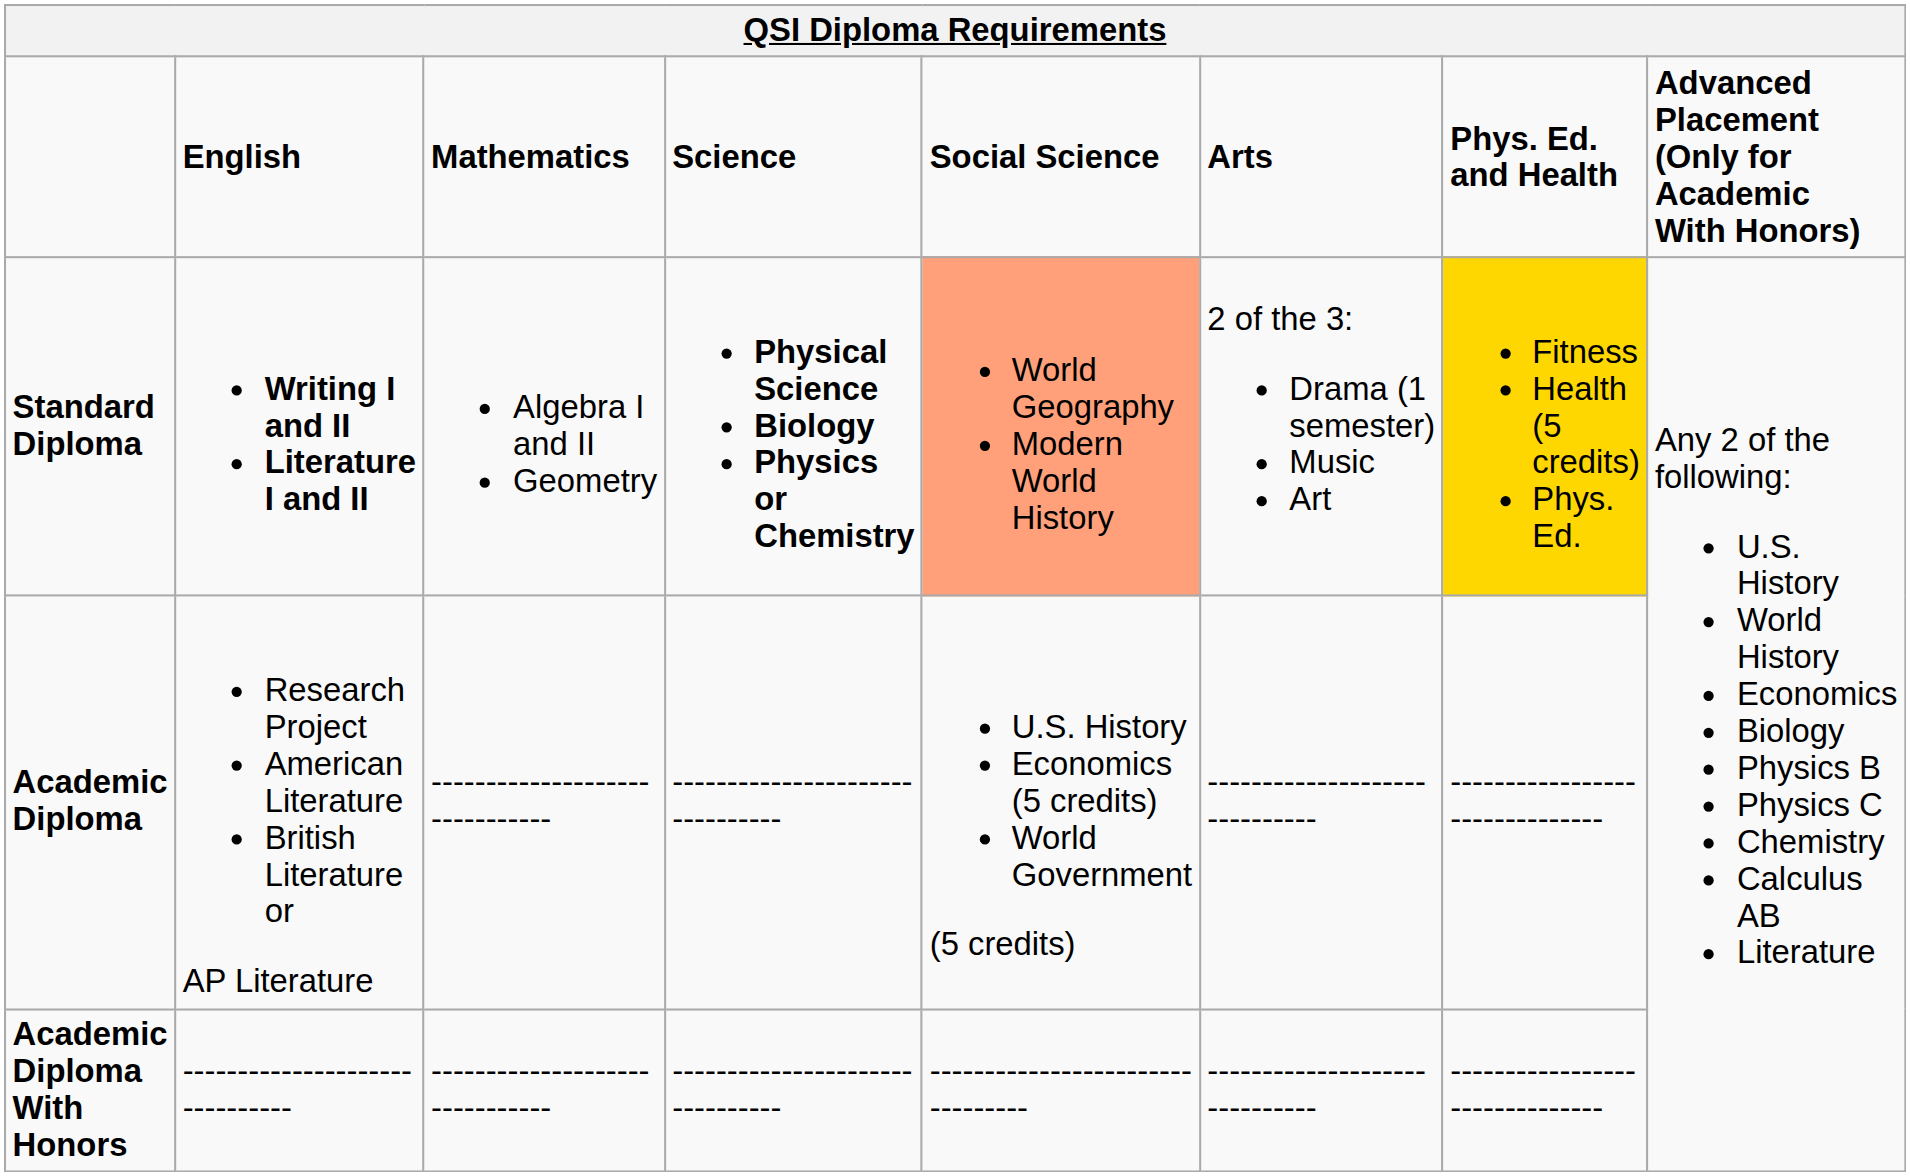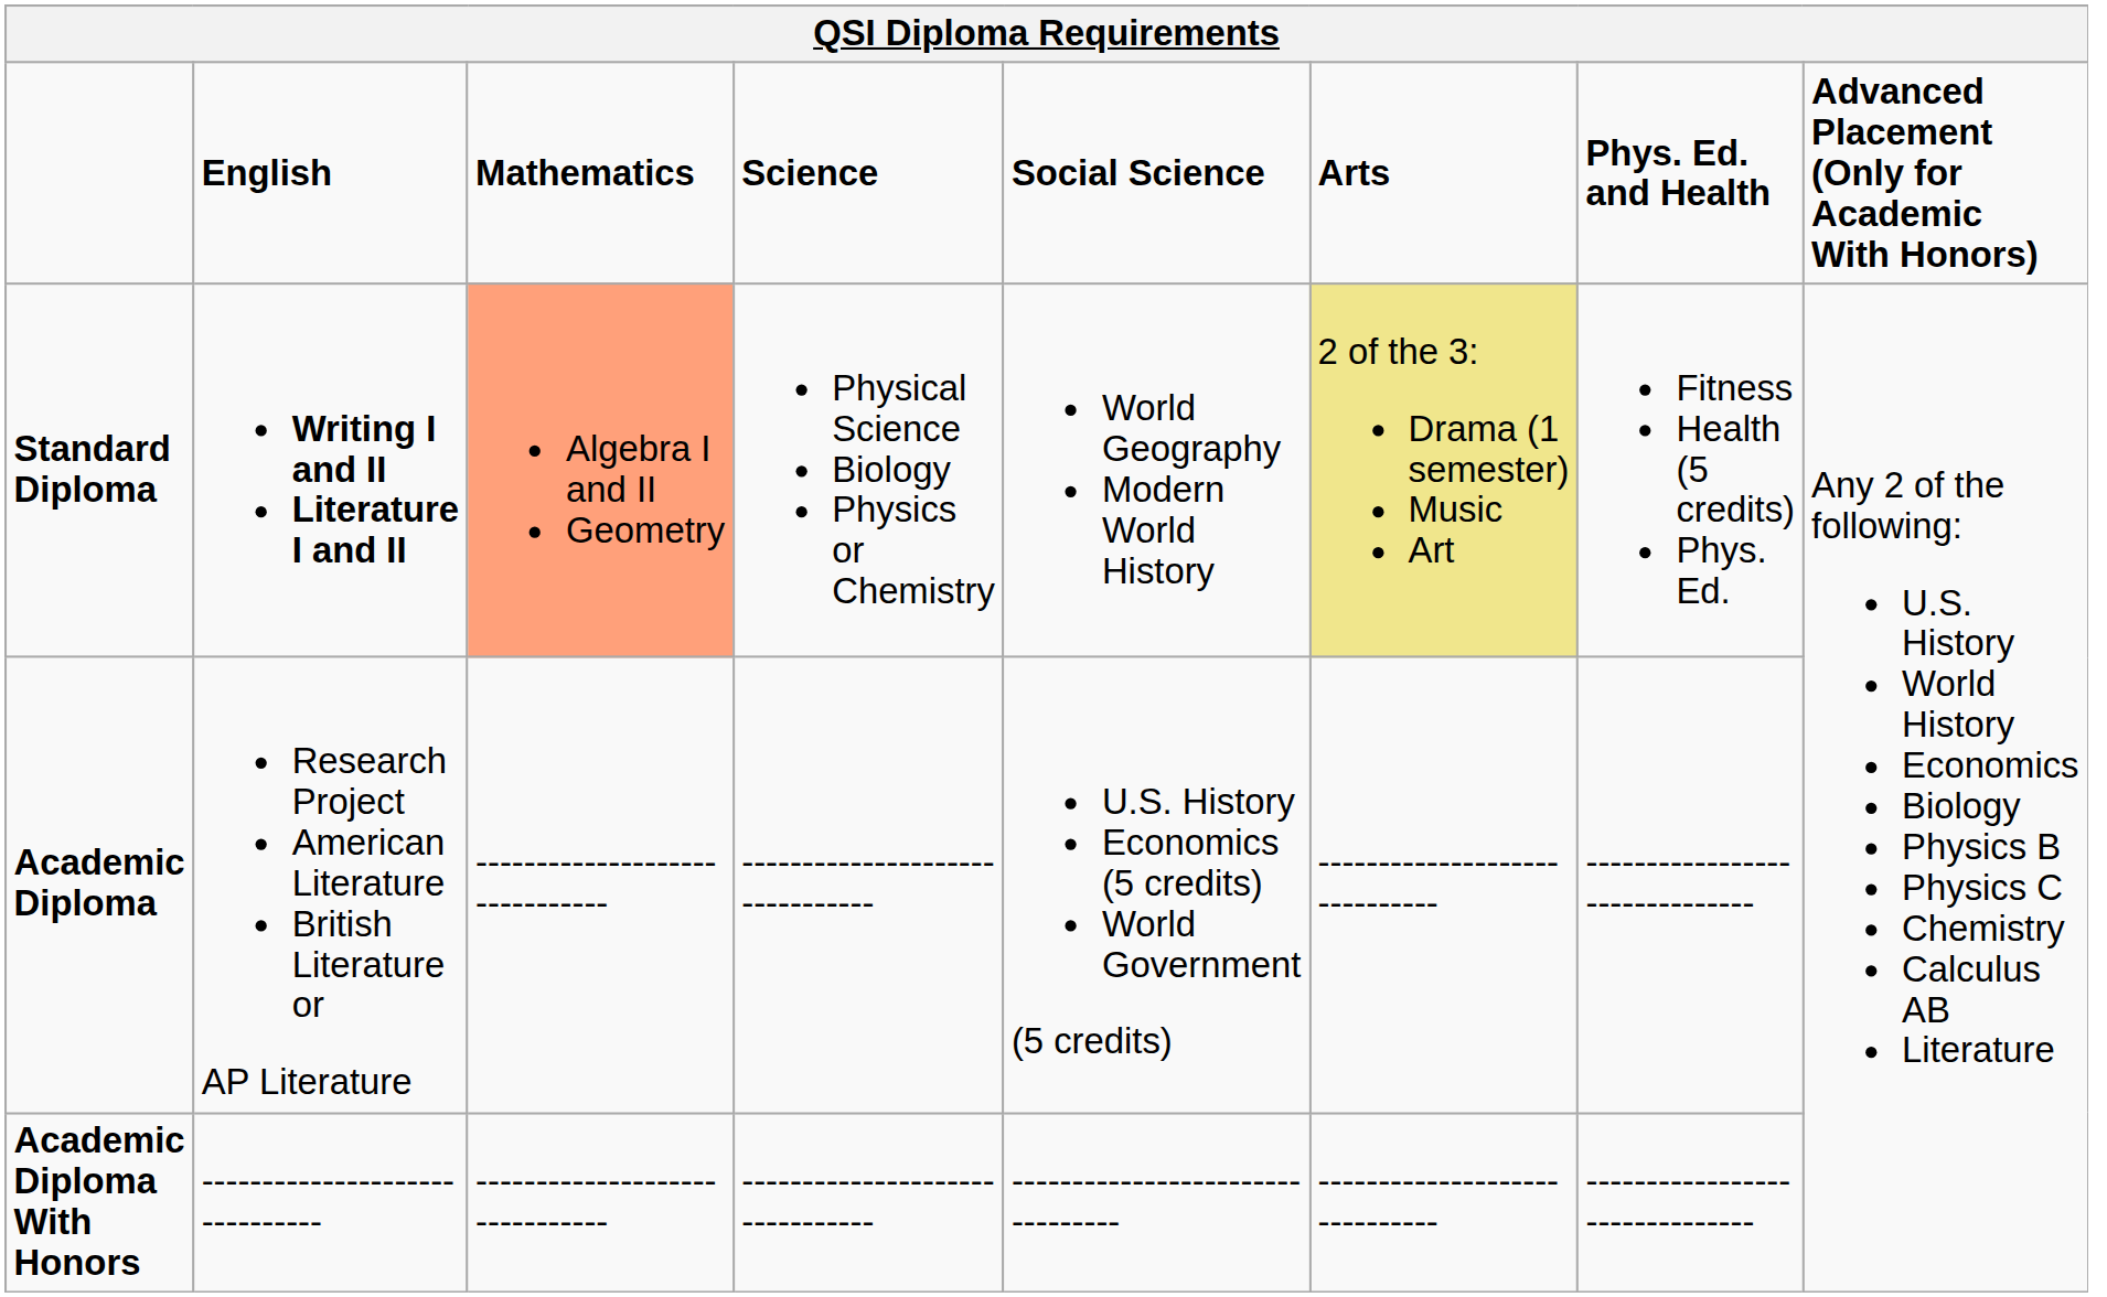 <table class="wikitable">
 <tr>
 <th colspan="8"><u>QSI Diploma Requirements</u></th>
 </tr>
 <tr>
 <td></td>
 <td><strong>English</strong></td>
 <td><strong>Mathematics</strong></td>
 <td><strong>Science</strong></td>
 <td><strong>Social Science</strong></td>
 <td><strong>Arts</strong></td>
 <td><strong>Phys. Ed. and Health</strong></td>
 <td><strong>Advanced Placement</strong><br><strong>(Only for Academic</strong><br><strong>With Honors)</strong></td>
 </tr>
 <tr>
 <td><strong>Standard Diploma</strong></td>
 <td><strong><br><ul><li>Writing I and II</li><li>Literature I and II</li></ul></strong></td>
-<td><br><ul><li>Algebra I and II</li><li>Geometry</li></ul></td>
-<td><strong><br><ul><li>Physical Science</li><li>Biology</li><li>Physics or Chemistry</li></ul></strong></td>
-<td style="background: lightsalmon;"><br><ul><li>World Geography</li><li>Modern World History</li></ul></td>
-<td>2 of the 3:<br><ul><li>Drama (1 semester)</li><li>Music</li><li>Art</li></ul></td>
-<td style="background: gold;"><br><ul><li>Fitness</li><li>Health (5 credits)</li><li>Phys. Ed.</li></ul></td>
+<td style="background: lightsalmon;"><br><ul><li>Algebra I and II</li><li>Geometry</li></ul></td>
+<td><br><ul><li>Physical Science</li><li>Biology</li><li>Physics or Chemistry</li></ul></td>
+<td><br><ul><li>World Geography</li><li>Modern World History</li></ul></td>
+<td style="background: khaki;">2 of the 3:<br><ul><li>Drama (1 semester)</li><li>Music</li><li>Art</li></ul></td>
+<td><br><ul><li>Fitness</li><li>Health (5 credits)</li><li>Phys. Ed.</li></ul></td>
 <td rowspan="3">Any 2 of the following:<br><ul><li>U.S. History</li><li>World History</li><li>Economics</li><li>Biology</li><li>Physics B</li><li>Physics C</li><li>Chemistry</li><li>Calculus AB</li><li>Literature</li></ul></td>
 </tr>
 <tr>
 <td><strong>Academic Diploma</strong></td>
 <td><br><ul><li>Research Project</li><li>American Literature</li><li>British Literature or</li></ul>AP Literature</td>
 <td>-------------------------------</td>
 <td>--------------------------------</td>
 <td><br><ul><li>U.S. History</li><li>Economics (5 credits)</li><li>World Government</li></ul>(5 credits)</td>
 <td>------------------------------</td>
 <td>-------------------------------</td>
 </tr>
 <tr>
 <td><strong>Academic Diploma</strong> <strong>With Honors</strong></td>
 <td>-------------------------------</td>
 <td>-------------------------------</td>
 <td>--------------------------------</td>
 <td>---------------------------------</td>
 <td>------------------------------</td>
 <td>-------------------------------</td>
 </tr>
 </table>
